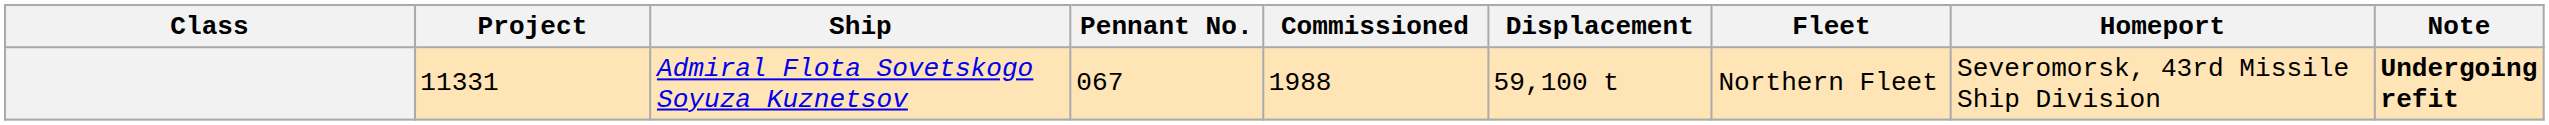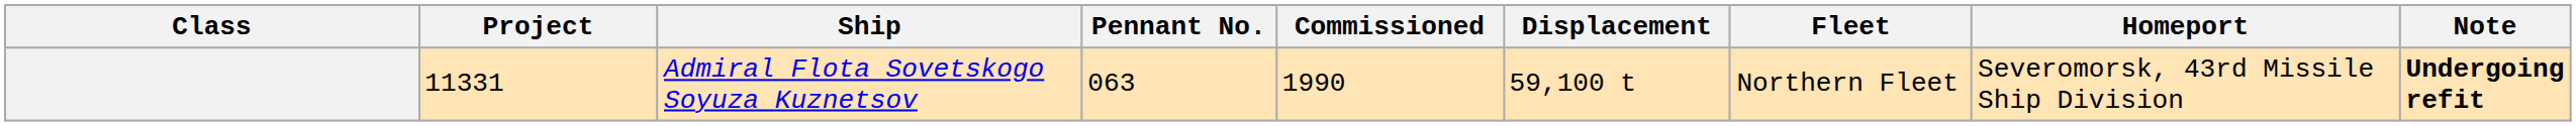 <table class="wikitable sortable" style="margin:auto; width:100%;">
 <tr>
 <th style="text-align:center; width:18%;">Class</th>
 <th style="text-align:center; width:10%;">Project</th>
 <th style="text-align:center; width:18%;">Ship</th>
 <th style="text-align:center; width:8%;">Pennant No.</th>
 <th style="text-align:center; width:9%;">Commissioned</th>
 <th style="text-align:center; width:9%;">Displacement</th>
 <th style="text-align:center; width:10%;">Fleet</th>
 <th style="text-align:center; width:22%;">Homeport</th>
 <th style="text-align:center; width:8%;">Note</th>
 </tr>
 <tr style="background: #FFE4B5">
 <th></th>
 <td>11331</td>
 <td><a href='#'><em>Admiral Flota Sovetskogo Soyuza Kuznetsov</em></a></td>
-<td>067</td>
-<td>1988</td>
+<td>063</td>
+<td>1990</td>
 <td>59,100 t</td>
 <td>Northern Fleet</td>
 <td>Severomorsk, 43rd Missile Ship Division</td>
 <td><strong>Undergoing refit</strong></td>
 </tr>
 </table>
